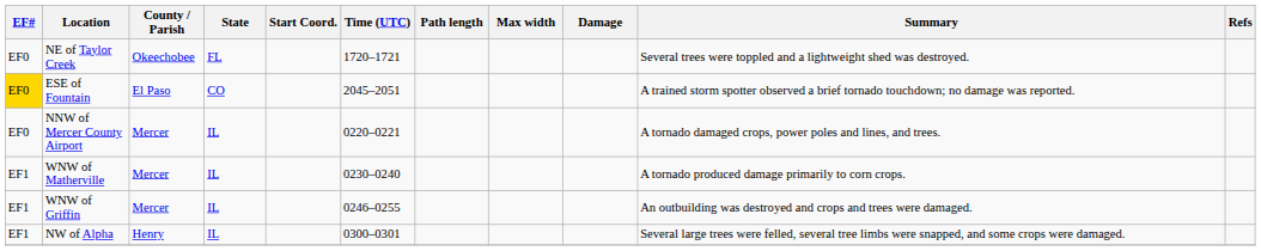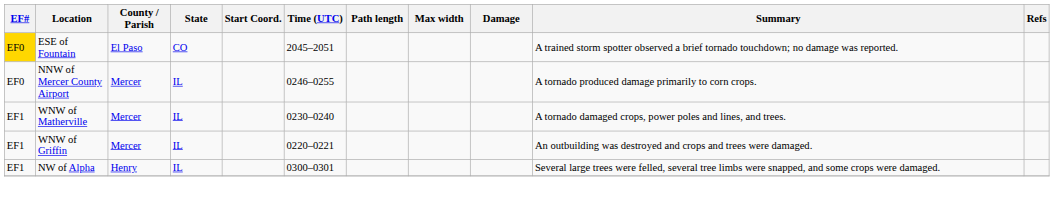 <table class="wikitable sortable" style="width:100%;">
 <tr>
 <th scope="col" width="3%" align="center"><a href='#'>EF#</a></th>
 <th scope="col" width="7%" align="center" class="unsortable">Location</th>
 <th scope="col" width="6%" align="center" class="unsortable">County / Parish</th>
 <th scope="col" width="5%" align="center">State</th>
 <th scope="col" width="6%" align="center">Start Coord.</th>
 <th scope="col" width="6%" align="center">Time (<a href='#'>UTC</a>)</th>
 <th scope="col" width="6%" align="center">Path length</th>
 <th scope="col" width="6%" align="center">Max width</th>
 <th scope="col" width="6%" align="center">Damage</th>
 <th scope="col" width="48%" class="unsortable" align="center">Summary</th>
 <th scope="col" width="48%" class="unsortable" align="center">Refs</th>
-</tr>
-<tr>
-<td>EF0</td>
-<td>NE of <a href='#'>Taylor Creek</a></td>
-<td><a href='#'>Okeechobee</a></td>
-<td><a href='#'>FL</a></td>
-<td></td>
-<td>1720–1721</td>
-<td></td>
-<td></td>
-<td></td>
-<td>Several trees were toppled and a lightweight shed was destroyed.</td>
-<td></td>
 </tr>
 <tr>
 <td style="background: gold;">EF0</td>
 <td>ESE of <a href='#'>Fountain</a></td>
 <td><a href='#'>El Paso</a></td>
 <td><a href='#'>CO</a></td>
 <td></td>
 <td>2045–2051</td>
 <td></td>
 <td></td>
 <td></td>
 <td>A trained storm spotter observed a brief tornado touchdown; no damage was reported.</td>
 <td></td>
 </tr>
 <tr>
 <td>EF0</td>
 <td>NNW of <a href='#'>Mercer County Airport</a></td>
 <td><a href='#'>Mercer</a></td>
 <td><a href='#'>IL</a></td>
 <td></td>
-<td>0220–0221</td>
+<td>0246–0255</td>
 <td></td>
 <td></td>
 <td></td>
-<td>A tornado damaged crops, power poles and lines, and trees.</td>
+<td>A tornado produced damage primarily to corn crops.</td>
 <td></td>
 </tr>
 <tr>
 <td>EF1</td>
 <td>WNW of <a href='#'>Matherville</a></td>
 <td><a href='#'>Mercer</a></td>
 <td><a href='#'>IL</a></td>
 <td></td>
 <td>0230–0240</td>
 <td></td>
 <td></td>
 <td></td>
-<td>A tornado produced damage primarily to corn crops.</td>
+<td>A tornado damaged crops, power poles and lines, and trees.</td>
 <td></td>
 </tr>
 <tr>
 <td>EF1</td>
 <td>WNW of <a href='#'>Griffin</a></td>
 <td><a href='#'>Mercer</a></td>
 <td><a href='#'>IL</a></td>
 <td></td>
-<td>0246–0255</td>
+<td>0220–0221</td>
 <td></td>
 <td></td>
 <td></td>
 <td>An outbuilding was destroyed and crops and trees were damaged.</td>
 <td></td>
 </tr>
 <tr>
 <td>EF1</td>
 <td>NW of <a href='#'>Alpha</a></td>
 <td><a href='#'>Henry</a></td>
 <td><a href='#'>IL</a></td>
 <td></td>
 <td>0300–0301</td>
 <td></td>
 <td></td>
 <td></td>
 <td>Several large trees were felled, several tree limbs were snapped, and some crops were damaged.</td>
 <td></td>
 </tr>
 <tr>
 </tr>
 </table>
